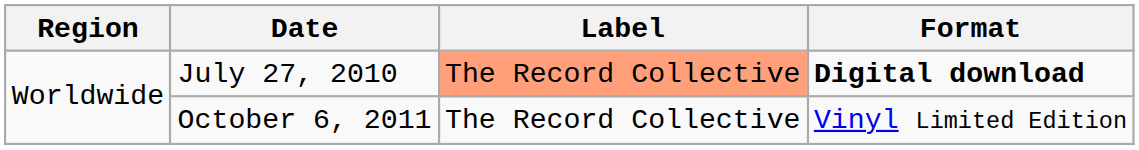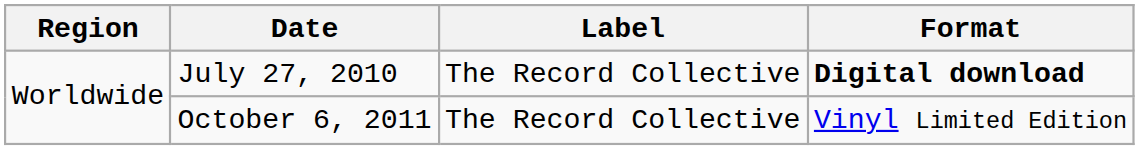 <table class="wikitable">
 <tr>
 <th>Region</th>
 <th>Date</th>
 <th>Label</th>
 <th>Format</th>
 </tr>
 <tr>
 <td rowspan="2">Worldwide</td>
 <td>July 27, 2010</td>
-<td style="background: lightsalmon;">The Record Collective</td>
+<td>The Record Collective</td>
 <td><strong>Digital download</strong></td>
 </tr>
 <tr>
 <td>October 6, 2011</td>
 <td rowspan="3">The Record Collective</td>
 <td rowspan="3"><a href='#'>Vinyl</a> <small>Limited Edition</small></td>
 </tr>
 </table>
